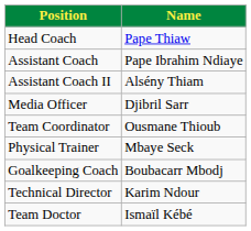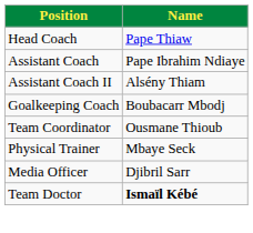 <table class="wikitable">
 <tr>
 <th style="background:#00853F; color:#FDEF42; ">Position</th>
 <th style="background:#00853F; color:#FDEF42; ">Name</th>
 </tr>
 <tr>
 <td>Head Coach</td>
 <td> <a href='#'>Pape Thiaw</a></td>
 </tr>
 <tr>
 <td>Assistant Coach</td>
 <td> Pape Ibrahim Ndiaye</td>
 </tr>
 <tr>
 <td>Assistant Coach II</td>
 <td> Alsény Thiam</td>
 </tr>
 <tr>
-<td>Media Officer</td>
-<td> Djibril Sarr</td>
+<td>Goalkeeping Coach</td>
+<td> Boubacarr Mbodj</td>
 </tr>
 <tr>
 <td>Team Coordinator</td>
 <td> Ousmane Thioub</td>
 </tr>
 <tr>
 <td>Physical Trainer</td>
 <td> Mbaye Seck</td>
 </tr>
 <tr>
-<td>Goalkeeping Coach</td>
-<td> Boubacarr Mbodj</td>
-</tr>
-<tr>
-<td>Technical Director</td>
-<td> Karim Ndour</td>
+<td>Media Officer</td>
+<td> Djibril Sarr</td>
 </tr>
 <tr>
 <td>Team Doctor</td>
-<td> Ismaïl Kébé</td>
+<td><strong> Ismaïl Kébé</strong></td>
 </tr>
 </table>
